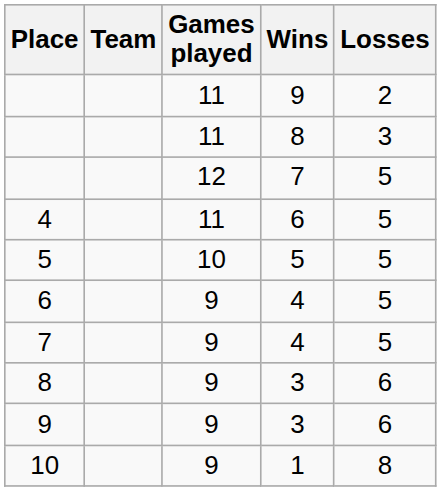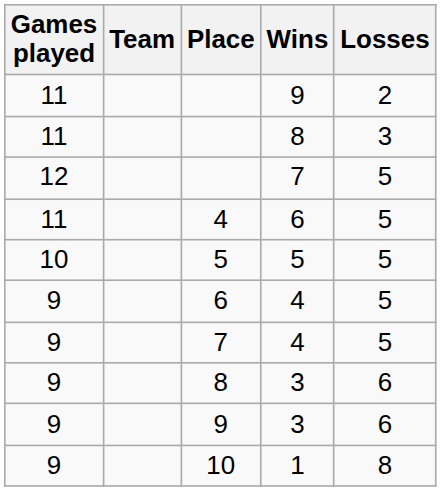 <table class="wikitable" style="text-align:center;">
 <tr>
+<th>Games<br>played</th>
+<th>Team</th>
 <th>Place</th>
-<th>Team</th>
-<th>Games<br>played</th>
 <th>Wins</th>
 <th>Losses</th>
 </tr>
 <tr>
+<td>11</td>
+<td align=left></td>
 <td></td>
-<td align=left></td>
-<td>11</td>
 <td>9</td>
 <td>2</td>
 </tr>
 <tr>
+<td>11</td>
+<td align=left></td>
 <td></td>
-<td align=left></td>
-<td>11</td>
 <td>8</td>
 <td>3</td>
 </tr>
 <tr>
+<td>12</td>
+<td align=left></td>
 <td></td>
-<td align=left></td>
-<td>12</td>
 <td>7</td>
 <td>5</td>
 </tr>
 <tr>
+<td>11</td>
+<td align=left></td>
 <td>4</td>
-<td align=left></td>
-<td>11</td>
 <td>6</td>
 <td>5</td>
 </tr>
 <tr>
+<td>10</td>
+<td align=left></td>
 <td>5</td>
-<td align=left></td>
-<td>10</td>
 <td>5</td>
 <td>5</td>
 </tr>
 <tr>
+<td>9</td>
+<td align=left></td>
 <td>6</td>
-<td align=left></td>
-<td>9</td>
 <td>4</td>
 <td>5</td>
 </tr>
 <tr>
+<td>9</td>
+<td align=left></td>
 <td>7</td>
-<td align=left></td>
-<td>9</td>
 <td>4</td>
 <td>5</td>
 </tr>
 <tr>
+<td>9</td>
+<td align=left></td>
 <td>8</td>
-<td align=left></td>
-<td>9</td>
 <td>3</td>
 <td>6</td>
 </tr>
 <tr>
 <td>9</td>
 <td align=left></td>
 <td>9</td>
 <td>3</td>
 <td>6</td>
 </tr>
 <tr>
+<td>9</td>
+<td align=left></td>
 <td>10</td>
-<td align=left></td>
-<td>9</td>
 <td>1</td>
 <td>8</td>
 </tr>
 </table>
